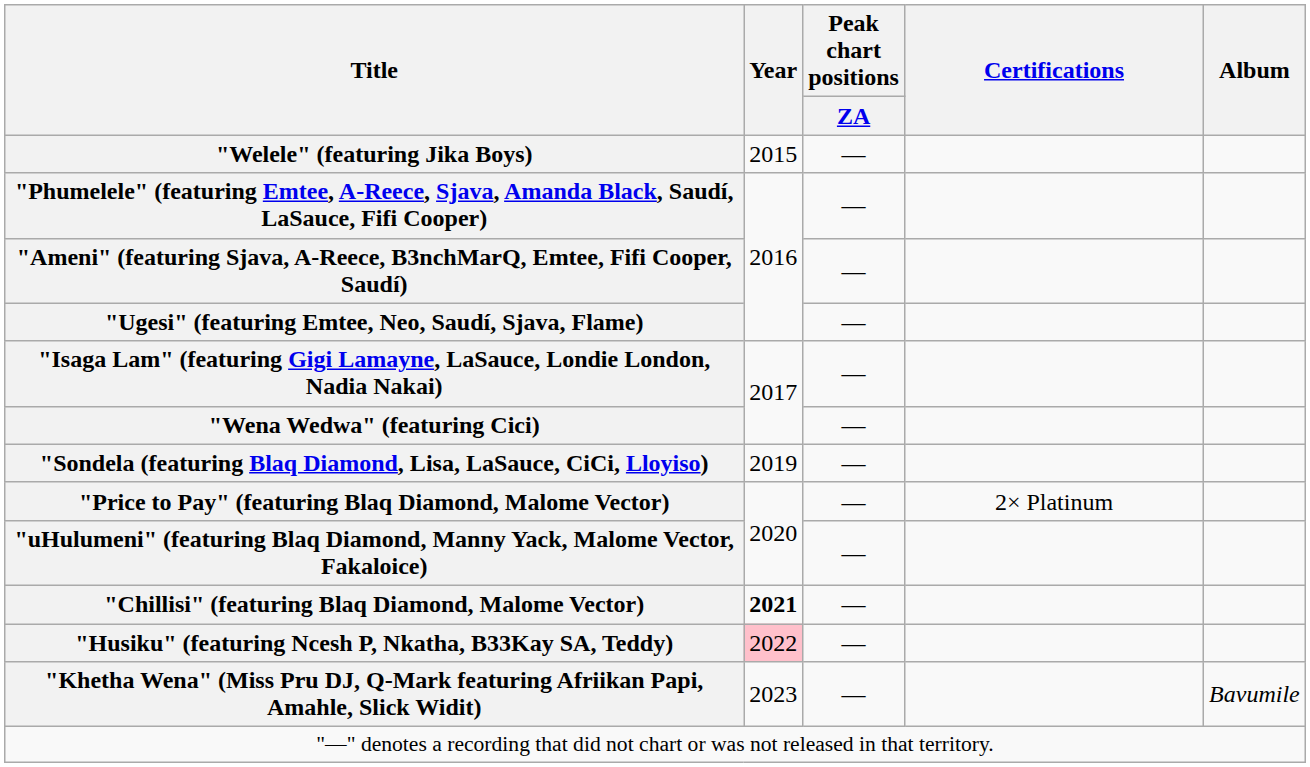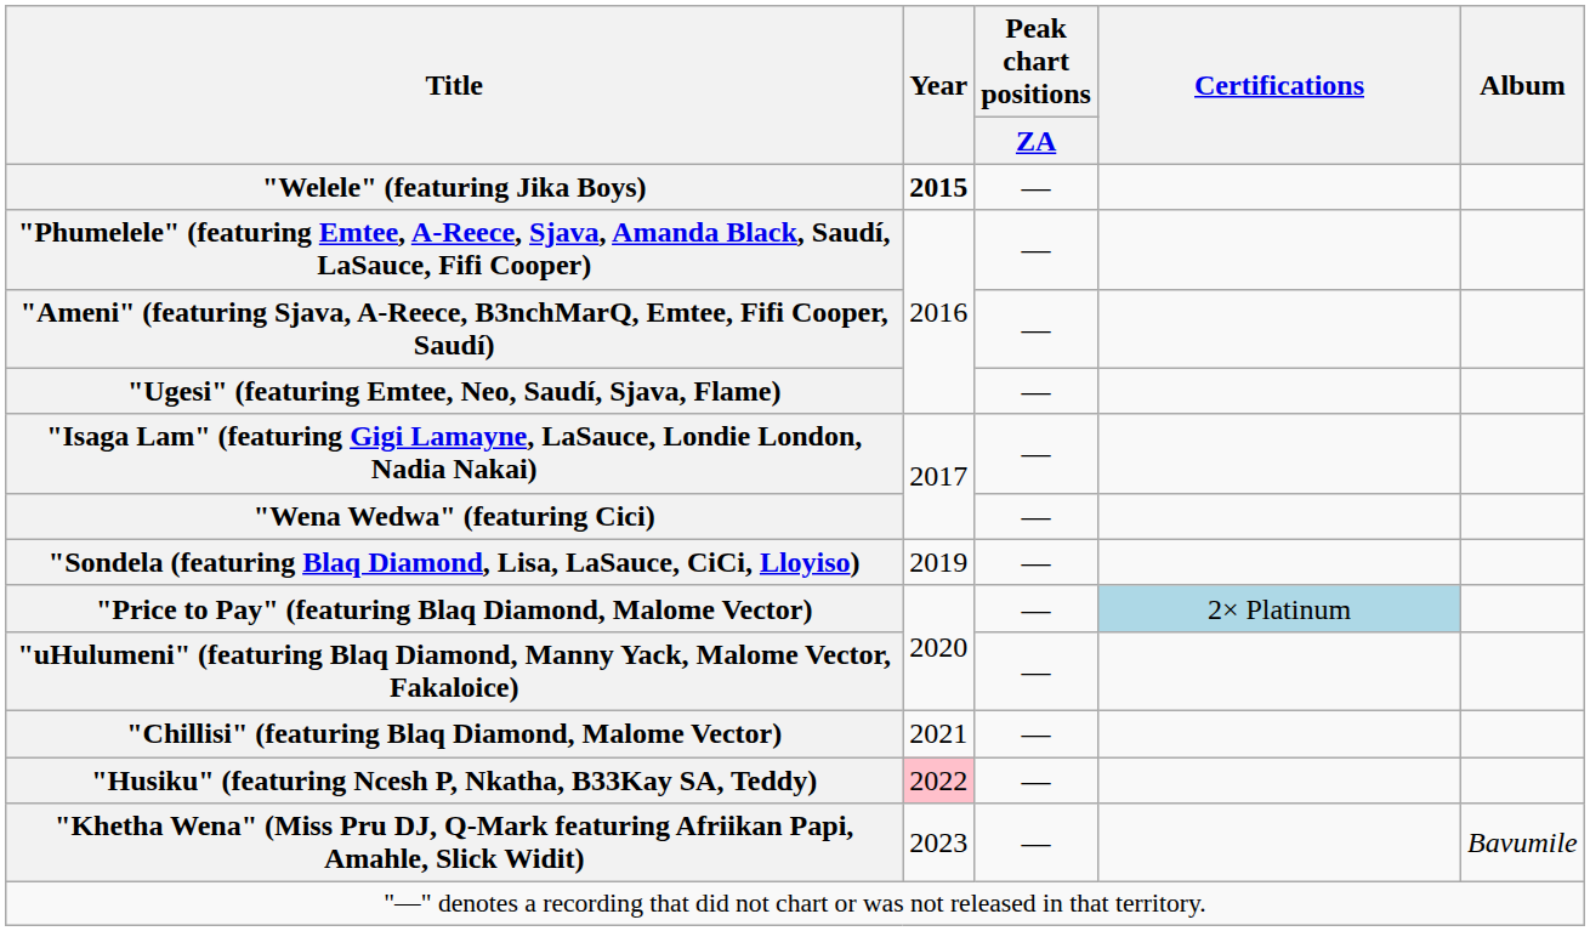 <table class="wikitable plainrowheaders" style="text-align:center;">
 <tr>
 <th scope="col" rowspan="2">Title</th>
 <th scope="col" rowspan="2">Year</th>
 <th scope="col" colspan="1">Peak chart positions</th>
 <th scope="col" rowspan="2" style="width:12em;"><a href='#'>Certifications</a></th>
 <th scope="col" rowspan="2">Album</th>
 </tr>
 <tr>
 <th scope="col" style="width:3em;font-size:100%;"><a href='#'>ZA</a><br></th>
 </tr>
 <tr>
 <th scope="row">"Welele" (featuring Jika Boys)</th>
-<td>2015</td>
+<td><strong>2015</strong></td>
 <td>—</td>
 <td></td>
 <td></td>
 </tr>
 <tr>
 <th scope="row">"Phumelele" (featuring <a href='#'>Emtee</a>, <a href='#'>A-Reece</a>, <a href='#'>Sjava</a>, <a href='#'>Amanda Black</a>, Saudí, LaSauce, Fifi Cooper)</th>
 <td rowspan=3>2016</td>
 <td>—</td>
 <td></td>
 <td></td>
 </tr>
 <tr>
 <th scope="row">"Ameni" (featuring Sjava, A-Reece, B3nchMarQ, Emtee, Fifi Cooper, Saudí)</th>
 <td>—</td>
 <td></td>
 <td></td>
 </tr>
 <tr>
 <th scope="row">"Ugesi" (featuring Emtee, Neo, Saudí, Sjava, Flame)</th>
 <td>—</td>
 <td></td>
 <td></td>
 </tr>
 <tr>
 <th scope="row">"Isaga Lam" (featuring <a href='#'>Gigi Lamayne</a>, LaSauce, Londie London, Nadia Nakai)</th>
 <td rowspan=2>2017</td>
 <td>—</td>
 <td></td>
 <td></td>
 </tr>
 <tr>
 <th scope="row">"Wena Wedwa" (featuring Cici)</th>
 <td>—</td>
 <td></td>
 <td></td>
 </tr>
 <tr>
 <th scope="row">"Sondela (featuring <a href='#'>Blaq Diamond</a>, Lisa, LaSauce, CiCi, <a href='#'>Lloyiso</a>)</th>
 <td>2019</td>
 <td>—</td>
 <td></td>
 <td></td>
 </tr>
 <tr>
 <th scope="row">"Price to Pay" (featuring Blaq Diamond, Malome Vector)</th>
 <td rowspan=2>2020</td>
 <td>—</td>
-<td>2× Platinum</td>
+<td style="background: lightblue;">2× Platinum</td>
 <td></td>
 </tr>
 <tr>
 <th scope="row">"uHulumeni" (featuring Blaq Diamond, Manny Yack, Malome Vector, Fakaloice)</th>
 <td>—</td>
 <td></td>
 <td></td>
 </tr>
 <tr>
 <th scope="row">"Chillisi" (featuring Blaq Diamond, Malome Vector)</th>
-<td><strong>2021</strong></td>
+<td>2021</td>
 <td>—</td>
 <td></td>
 <td></td>
 </tr>
 <tr>
 <th scope="row">"Husiku" (featuring Ncesh P, Nkatha, B33Kay SA, Teddy)</th>
 <td style="background: pink;">2022</td>
 <td>—</td>
 <td></td>
 <td></td>
 </tr>
 <tr>
 <th scope="row">"Khetha Wena" (Miss Pru DJ, Q-Mark featuring Afriikan Papi, Amahle, Slick Widit)</th>
 <td>2023</td>
 <td>—</td>
 <td></td>
 <td><em>Bavumile</em></td>
 </tr>
 <tr>
 <td colspan="8" style="font-size:90%">"—" denotes a recording that did not chart or was not released in that territory.</td>
 </tr>
 </table>
